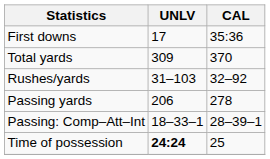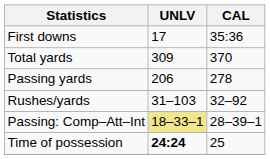 <table class="wikitable" style="float: left;">
 <tr>
 <th>Statistics</th>
 <th>UNLV</th>
 <th>CAL</th>
 </tr>
 <tr>
 <td>First downs</td>
 <td>17</td>
 <td>35:36</td>
 </tr>
 <tr>
 <td>Total yards</td>
 <td>309</td>
 <td>370</td>
 </tr>
 <tr>
+<td>Passing yards</td>
+<td>206</td>
+<td>278</td>
+</tr>
+<tr>
 <td>Rushes/yards</td>
 <td>31–103</td>
 <td>32–92</td>
 </tr>
 <tr>
-<td>Passing yards</td>
-<td>206</td>
-<td>278</td>
-</tr>
-<tr>
 <td>Passing: Comp–Att–Int</td>
-<td>18–33–1</td>
+<td style="background: khaki;">18–33–1</td>
 <td>28–39–1</td>
 </tr>
 <tr>
 <td>Time of possession</td>
 <td><strong>24:24</strong></td>
 <td>25</td>
 </tr>
 <tr>
 </tr>
 </table>
